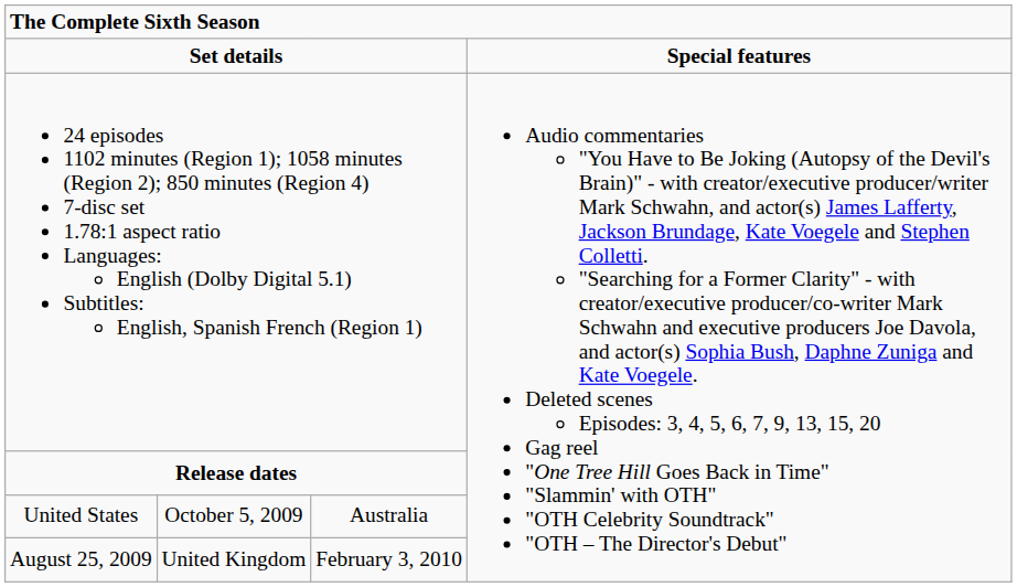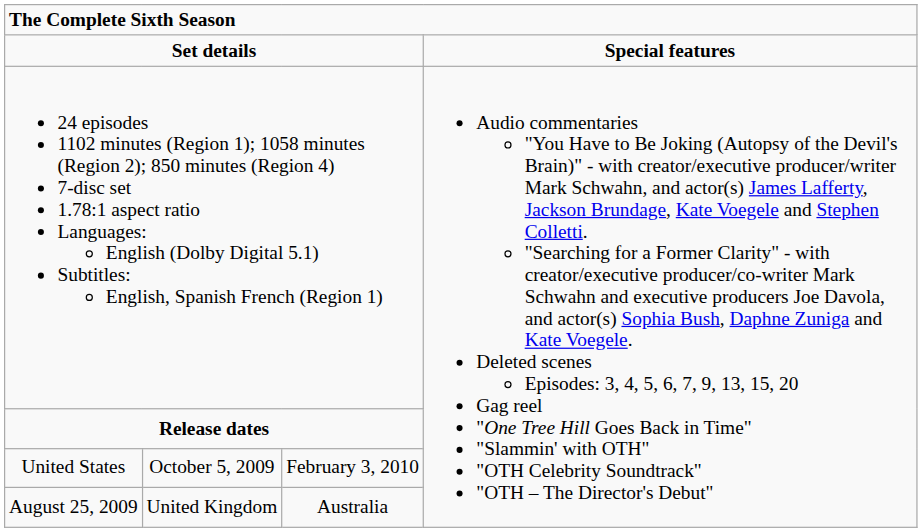 <table class="wikitable">
 <tr>
 <td colspan="6"><strong>The Complete Sixth Season</strong></td>
 </tr>
 <tr style="text-align:center;">
 <td style="width:300px;" colspan="3"><strong>Set details</strong></td>
 <td style="width:400px; "><strong>Special features</strong></td>
 </tr>
 <tr valign="top">
 <td colspan="3"  style="text-align:left; width:300px;"><br><ul><li>24 episodes</li><li>1102 minutes (Region 1); 1058 minutes (Region 2); 850 minutes (Region 4)</li><li>7-disc set</li><li>1.78:1 aspect ratio</li><li>Languages:<ul><li>English (Dolby Digital 5.1)</li></ul></li><li>Subtitles:<ul><li>English, Spanish French (Region 1)</li></ul></li></ul></td>
 <td rowspan="4"  style="text-align:left; width:400px;"><br><ul><li>Audio commentaries<ul><li>"You Have to Be Joking (Autopsy of the Devil's Brain)" - with creator/executive producer/writer Mark Schwahn, and actor(s) <a href='#'>James Lafferty</a>, <a href='#'>Jackson Brundage</a>, <a href='#'>Kate Voegele</a> and <a href='#'>Stephen Colletti</a>.</li><li>"Searching for a Former Clarity" - with creator/executive producer/co-writer Mark Schwahn and executive producers Joe Davola, and actor(s) <a href='#'>Sophia Bush</a>, <a href='#'>Daphne Zuniga</a> and <a href='#'>Kate Voegele</a>.</li></ul></li><li>Deleted scenes<ul><li>Episodes: 3, 4, 5, 6, 7, 9, 13, 15, 20</li></ul></li><li>Gag reel</li><li>"<em>One Tree Hill</em> Goes Back in Time"</li><li>"Slammin' with OTH"</li><li>"OTH Celebrity Soundtrack"</li><li>"OTH – The Director's Debut"</li></ul></td>
 </tr>
 <tr>
 <td colspan="3" style="text-align:center;"><strong>Release dates</strong></td>
 </tr>
 <tr style="text-align:center;">
 <td>United States</td>
 <td>October 5, 2009</td>
-<td>Australia</td>
+<td>February 3, 2010</td>
 </tr>
 <tr style="text-align:center;">
 <td>August 25, 2009</td>
 <td>United Kingdom</td>
-<td>February 3, 2010</td>
+<td>Australia</td>
 </tr>
 </table>
